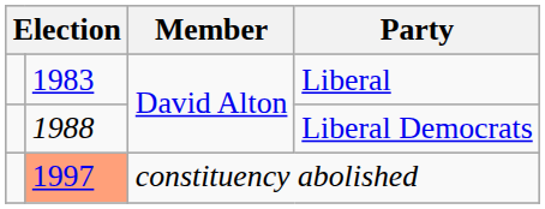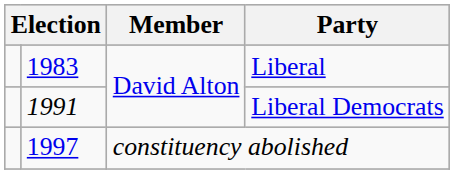 <table class="wikitable">
 <tr>
 <th colspan="2">Election</th>
 <th>Member</th>
 <th>Party</th>
 </tr>
 <tr>
 <td style="color:inherit;background-color: "></td>
 <td><a href='#'>1983</a></td>
 <td rowspan="2"><a href='#'>David Alton</a></td>
 <td><a href='#'>Liberal</a></td>
 </tr>
 <tr>
 <td style="color:inherit;background-color: "></td>
-<td><em>1988</em></td>
+<td><em>1991</em></td>
 <td><a href='#'>Liberal Democrats</a></td>
 </tr>
 <tr>
 <td></td>
-<td style="background: lightsalmon;"><a href='#'>1997</a></td>
+<td><a href='#'>1997</a></td>
 <td colspan="2"><em>constituency abolished</em></td>
 </tr>
 </table>
